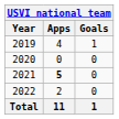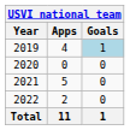 <table class="wikitable" style="text-align:center">
 <tr>
 <th colspan=3><a href='#'>USVI national team</a></th>
 </tr>
 <tr>
 <th>Year</th>
 <th>Apps</th>
 <th>Goals</th>
 </tr>
 <tr>
 <td>2019</td>
 <td>4</td>
-<td>1</td>
+<td style="background: lightblue;">1</td>
 </tr>
 <tr>
 <td>2020</td>
 <td>0</td>
 <td>0</td>
 </tr>
 <tr>
 <td>2021</td>
-<td><strong>5</strong></td>
+<td>5</td>
 <td>0</td>
 </tr>
 <tr>
 <td>2022</td>
 <td>2</td>
 <td>0</td>
 </tr>
 <tr>
 <th>Total</th>
 <th>11</th>
 <th>1</th>
 </tr>
 </table>
